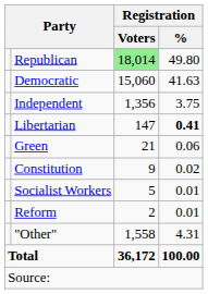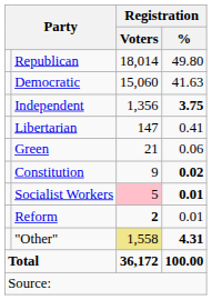 <table class="wikitable">
 <tr>
 <th colspan="2" rowspan="2">Party</th>
 <th colspan="2">Registration</th>
 </tr>
 <tr>
 <th>Voters</th>
 <th>%</th>
 </tr>
 <tr>
 <td style="background-color:"></td>
 <td><a href='#'>Republican</a></td>
-<td style="background: lightgreen; text-align:right;">18,014</td>
+<td style="text-align:right;">18,014</td>
 <td style="text-align:right;">49.80</td>
 </tr>
 <tr>
 <td style="background-color:"></td>
 <td><a href='#'>Democratic</a></td>
 <td style="text-align:right;">15,060</td>
 <td style="text-align:right;">41.63</td>
 </tr>
 <tr>
 <td style="background-color:"></td>
 <td><a href='#'>Independent</a></td>
 <td style="text-align:right;">1,356</td>
-<td style="text-align:right;">3.75</td>
+<td style="text-align:right;"><strong>3.75</strong></td>
 </tr>
 <tr>
 <td style="background-color:"></td>
 <td><a href='#'>Libertarian</a></td>
 <td style="text-align:right;">147</td>
-<td style="text-align:right;"><strong>0.41</strong></td>
+<td style="text-align:right;">0.41</td>
 </tr>
 <tr>
 <td style="background-color:"></td>
 <td><a href='#'>Green</a></td>
 <td style="text-align:right;">21</td>
 <td style="text-align:right;">0.06</td>
 </tr>
 <tr>
 <td style="background-color:"></td>
 <td><a href='#'>Constitution</a></td>
 <td style="text-align:right;">9</td>
-<td style="text-align:right;">0.02</td>
+<td style="text-align:right;"><strong>0.02</strong></td>
 </tr>
 <tr>
 <td style="background-color:"></td>
 <td><a href='#'>Socialist Workers</a></td>
-<td style="text-align:right;">5</td>
-<td style="text-align:right;">0.01</td>
+<td style="background: pink; text-align:right;">5</td>
+<td style="text-align:right;"><strong>0.01</strong></td>
 </tr>
 <tr>
 <td style="background-color:"></td>
 <td><a href='#'>Reform</a></td>
-<td style="text-align:right;">2</td>
+<td style="text-align:right;"><strong>2</strong></td>
 <td style="text-align:right;">0.01</td>
 </tr>
 <tr>
 <td></td>
 <td>"Other"</td>
-<td style="text-align:right;">1,558</td>
-<td style="text-align:right;">4.31</td>
+<td style="background: khaki; text-align:right;">1,558</td>
+<td style="text-align:right;"><strong>4.31</strong></td>
 </tr>
 <tr>
 <td colspan="2"><strong>Total</strong></td>
 <td style="text-align:right;"><strong>36,172</strong></td>
 <td style="text-align:right;"><strong>100.00</strong></td>
 </tr>
 <tr>
 <td colspan="4">Source: <em></em></td>
 </tr>
 </table>
